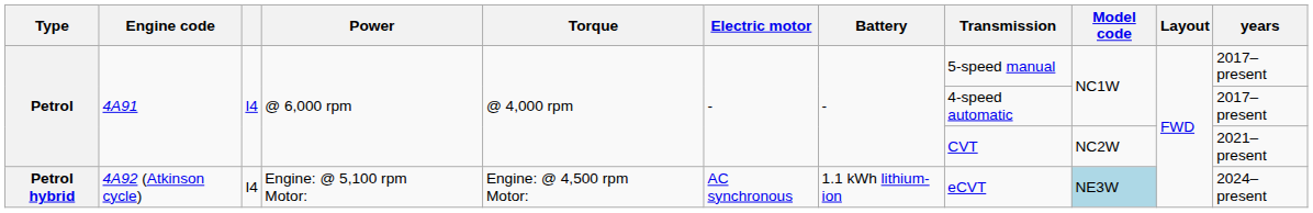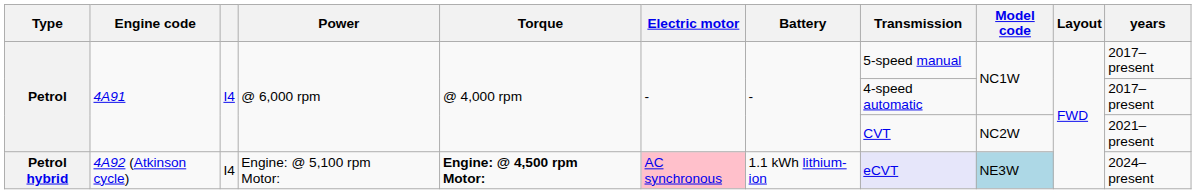 <table class="wikitable" style="text-align:left; font-size:90%;">
 <tr>
 <th>Type</th>
 <th>Engine code</th>
 <th></th>
 <th width="17%">Power</th>
 <th width="17%">Torque</th>
 <th><a href='#'>Electric motor</a></th>
 <th>Battery</th>
 <th>Transmission</th>
 <th><a href='#'>Model code</a></th>
 <th>Layout</th>
 <th> years</th>
 </tr>
 <tr>
 <th rowspan="3">Petrol</th>
 <td rowspan="3"><em><a href='#'>4A91</a></em></td>
 <td rowspan="3"> <a href='#'>I4</a></td>
 <td rowspan="3"> @ 6,000 rpm</td>
 <td rowspan="3"> @ 4,000 rpm</td>
 <td rowspan="3">-</td>
 <td rowspan="3">-</td>
 <td>5-speed <a href='#'>manual</a></td>
 <td rowspan="2">NC1W</td>
 <td rowspan="4"><a href='#'>FWD</a></td>
 <td>2017–present</td>
 </tr>
 <tr>
 <td>4-speed <a href='#'>automatic</a></td>
 <td>2017–present</td>
 </tr>
 <tr>
 <td><a href='#'>CVT</a></td>
 <td>NC2W</td>
 <td>2021–present</td>
 </tr>
 <tr>
 <th>Petrol <a href='#'>hybrid</a></th>
 <td><em><a href='#'>4A92</a></em> (<a href='#'>Atkinson cycle</a>)</td>
 <td> I4</td>
 <td>Engine:  @ 5,100 rpm<br>Motor: </td>
-<td>Engine:  @ 4,500 rpm<br>Motor: </td>
-<td><a href='#'>AC</a> <a href='#'>synchronous</a></td>
+<td><strong>Engine:  @ 4,500 rpm<br>Motor: </strong></td>
+<td style="background: pink;"><a href='#'>AC</a> <a href='#'>synchronous</a></td>
 <td>1.1 kWh <a href='#'>lithium-ion</a></td>
-<td><a href='#'>eCVT</a></td>
+<td style="background: lavender;"><a href='#'>eCVT</a></td>
 <td style="background: lightblue;">NE3W</td>
 <td>2024–present</td>
 </tr>
 </table>
